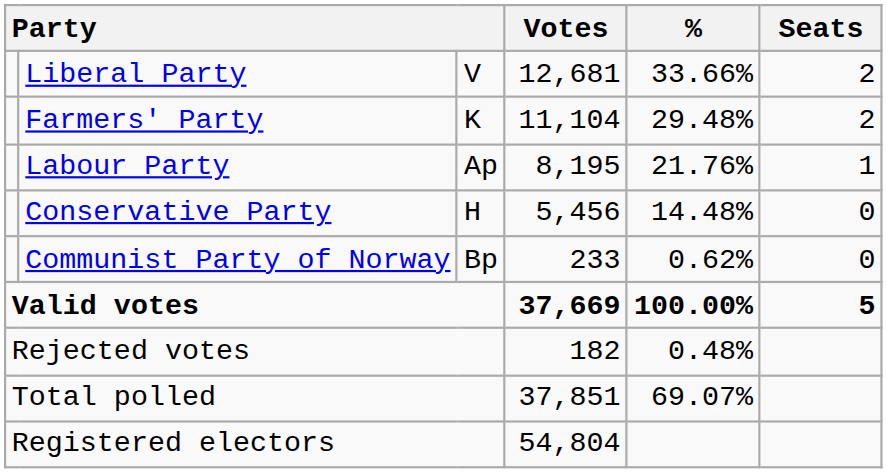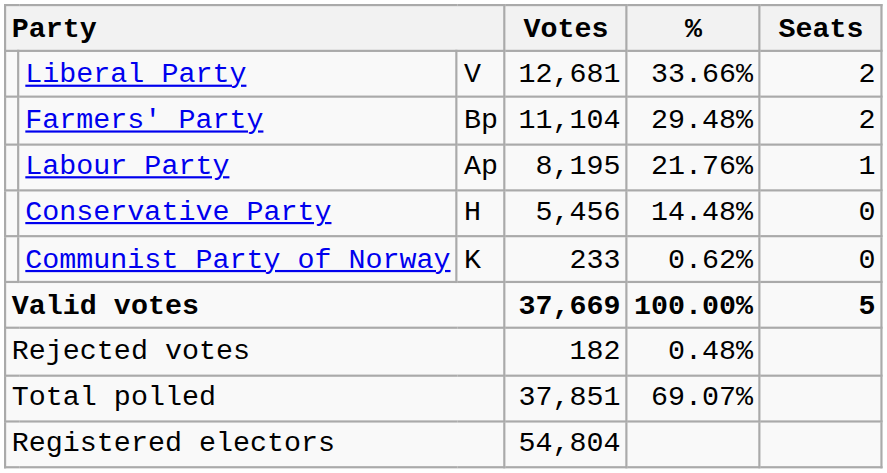 <table class="wikitable" border="1" style="text-align:right;">
 <tr>
 <th style="text-align:left;" colspan=3>Party</th>
 <th align=center width="50">Votes</th>
 <th align=center width="50">%</th>
 <th align=center width="50">Seats</th>
 </tr>
 <tr>
 <td style="color:inherit;background:"></td>
 <td align=left><a href='#'>Liberal Party</a></td>
 <td align=left>V</td>
 <td>12,681</td>
 <td>33.66%</td>
 <td>2</td>
 </tr>
 <tr>
 <td style="color:inherit;background:"></td>
 <td align=left><a href='#'>Farmers' Party</a></td>
-<td align=left>K</td>
+<td align=left>Bp</td>
 <td>11,104</td>
 <td>29.48%</td>
 <td>2</td>
 </tr>
 <tr>
 <td style="color:inherit;background:"></td>
 <td align=left><a href='#'>Labour Party</a></td>
 <td align=left>Ap</td>
 <td>8,195</td>
 <td>21.76%</td>
 <td>1</td>
 </tr>
 <tr>
 <td style="color:inherit;background:"></td>
 <td align=left><a href='#'>Conservative Party</a></td>
 <td align=left>H</td>
 <td>5,456</td>
 <td>14.48%</td>
 <td>0</td>
 </tr>
 <tr>
 <td style="color:inherit;background:"></td>
 <td align=left><a href='#'>Communist Party of Norway</a></td>
-<td align=left>Bp</td>
+<td align=left>K</td>
 <td>233</td>
 <td>0.62%</td>
 <td>0</td>
 </tr>
 <tr style="font-weight:bold">
 <td align=left colspan=3>Valid votes</td>
 <td>37,669</td>
 <td>100.00%</td>
 <td>5</td>
 </tr>
 <tr>
 <td align=left colspan=3>Rejected votes</td>
 <td>182</td>
 <td>0.48%</td>
 <td></td>
 </tr>
 <tr>
 <td align=left colspan=3>Total polled</td>
 <td>37,851</td>
 <td>69.07%</td>
 <td></td>
 </tr>
 <tr>
 <td align=left colspan=3>Registered electors</td>
 <td>54,804</td>
 <td></td>
 <td></td>
 </tr>
 </table>
